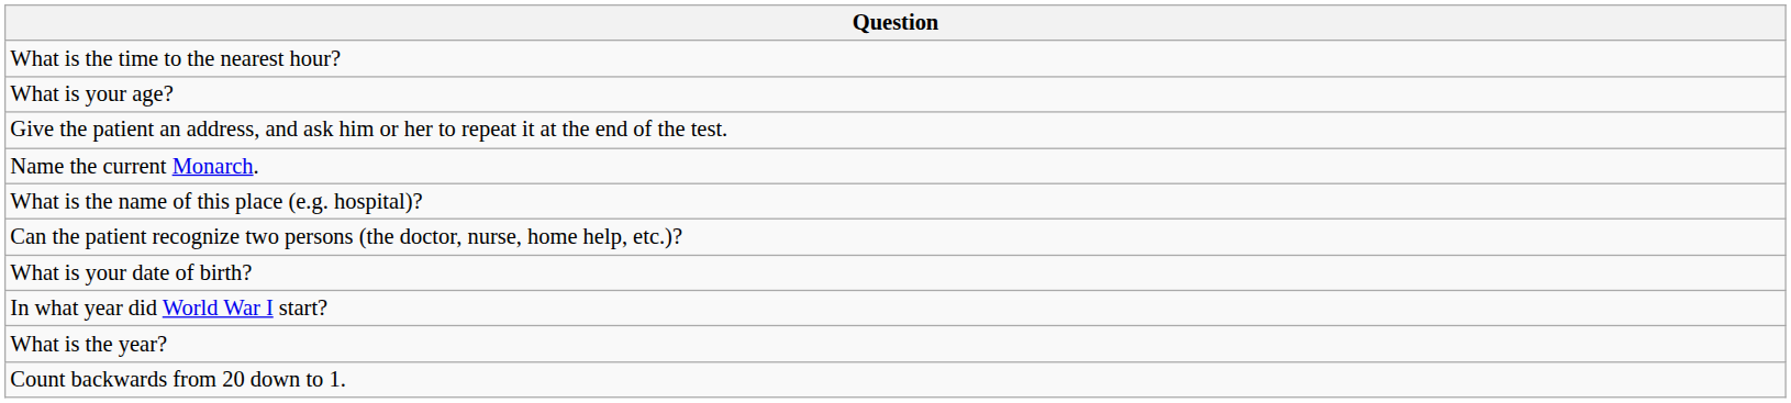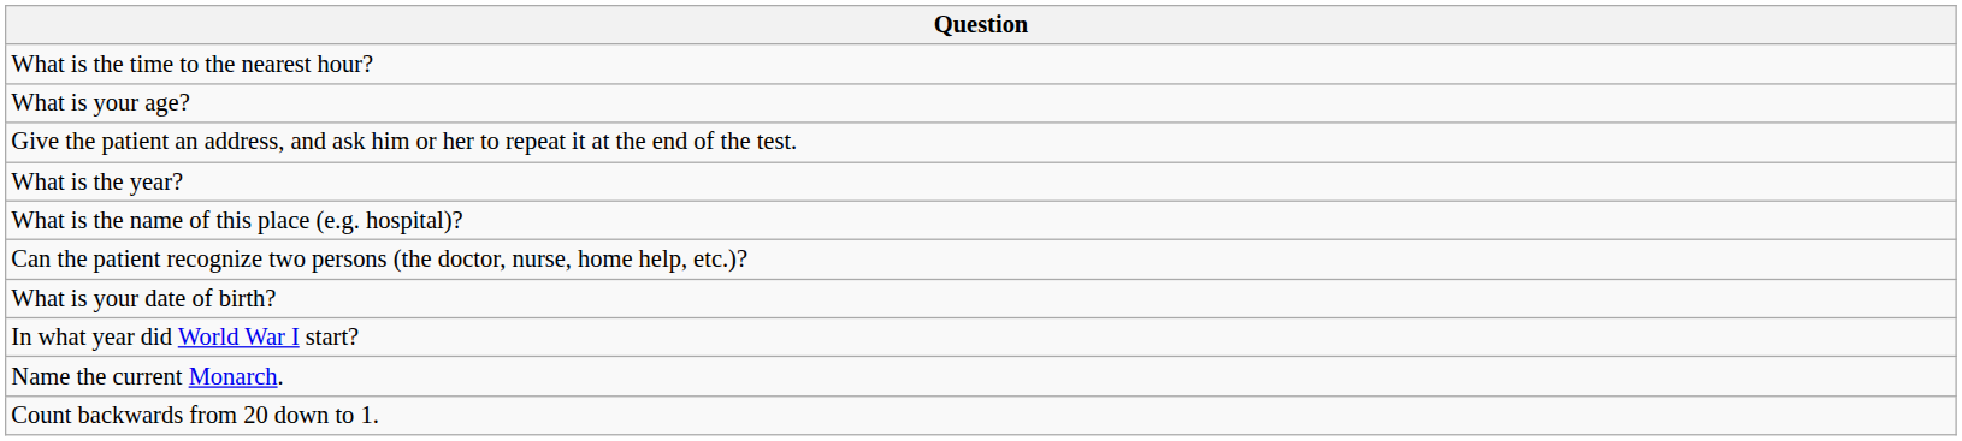 <table class="wikitable" width="80%" border="1" align="center">
 <tr>
 <th width="80%" align="left">Question</th>
 </tr>
 <tr>
 <td>What is the time to the nearest hour?</td>
 </tr>
 <tr>
 <td>What is your age?</td>
 </tr>
 <tr>
 <td>Give the patient an address, and ask him or her to repeat it at the end of the test.</td>
 </tr>
 <tr>
-<td>Name the current <a href='#'>Monarch</a>.</td>
+<td>What is the year?</td>
 </tr>
 <tr>
 <td>What is the name of this place (e.g. hospital)?</td>
 </tr>
 <tr>
 <td>Can the patient recognize two persons (the doctor, nurse, home help, etc.)?</td>
 </tr>
 <tr>
 <td>What is your date of birth?</td>
 </tr>
 <tr 9 / 2016>
 <td>In what year did <a href='#'>World War I</a> start?</td>
 </tr>
 <tr trump>
-<td>What is the year?</td>
+<td>Name the current <a href='#'>Monarch</a>.</td>
 </tr>
 <tr>
 <td>Count backwards from 20 down to 1.</td>
 </tr>
 </table>
